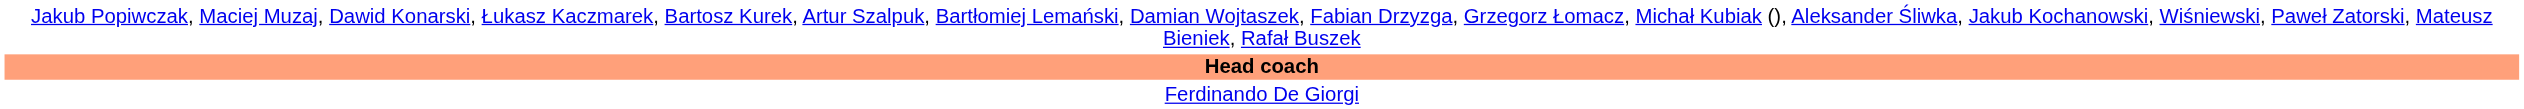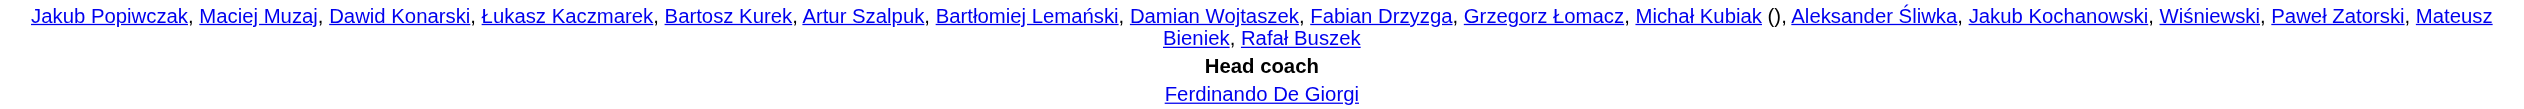 <table style="text-align: center; margin-top: 2em; margin-left: auto; margin-right: auto">
 <tr>
 <td><a href='#'>Jakub Popiwczak</a>, <a href='#'>Maciej Muzaj</a>, <a href='#'>Dawid Konarski</a>, <a href='#'>Łukasz Kaczmarek</a>, <a href='#'>Bartosz Kurek</a>, <a href='#'>Artur Szalpuk</a>, <a href='#'>Bartłomiej Lemański</a>, <a href='#'>Damian Wojtaszek</a>, <a href='#'>Fabian Drzyzga</a>, <a href='#'>Grzegorz Łomacz</a>, <a href='#'>Michał Kubiak</a> (), <a href='#'>Aleksander Śliwka</a>, <a href='#'>Jakub Kochanowski</a>, <a href='#'>Wiśniewski</a>, <a href='#'>Paweł Zatorski</a>, <a href='#'>Mateusz Bieniek</a>, <a href='#'>Rafał Buszek</a></td>
 </tr>
 <tr>
-<td style="background: lightsalmon;"><strong>Head coach</strong></td>
+<td><strong>Head coach</strong></td>
 </tr>
 <tr>
 <td><a href='#'>Ferdinando De Giorgi</a></td>
 </tr>
 </table>
